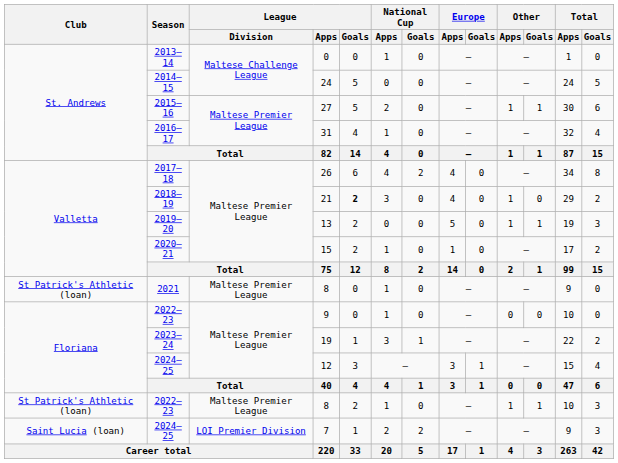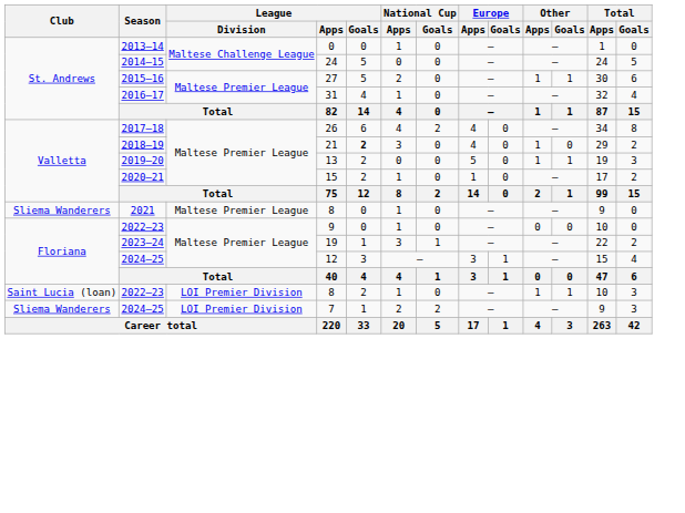 <table class="wikitable" style="text-align:center">
 <tr>
 <th rowspan="2">Club</th>
 <th rowspan="2">Season</th>
 <th colspan="3">League</th>
 <th colspan="2">National Cup</th>
 <th colspan="2"><a href='#'>Europe</a></th>
 <th colspan="2">Other</th>
 <th colspan="2">Total</th>
 </tr>
 <tr>
 <th>Division</th>
 <th>Apps</th>
 <th>Goals</th>
 <th>Apps</th>
 <th>Goals</th>
 <th>Apps</th>
 <th>Goals</th>
 <th>Apps</th>
 <th>Goals</th>
 <th>Apps</th>
 <th>Goals</th>
 </tr>
 <tr>
 <td rowspan="5"><a href='#'>St. Andrews</a></td>
 <td><a href='#'>2013–14</a></td>
 <td rowspan="2"><a href='#'>Maltese Challenge League</a></td>
 <td>0</td>
 <td>0</td>
 <td>1</td>
 <td>0</td>
 <td colspan="2">—</td>
 <td colspan="2">—</td>
 <td>1</td>
 <td>0</td>
 </tr>
 <tr>
 <td><a href='#'>2014–15</a></td>
 <td>24</td>
 <td>5</td>
 <td>0</td>
 <td>0</td>
 <td colspan="2">—</td>
 <td colspan="2">—</td>
 <td>24</td>
 <td>5</td>
 </tr>
 <tr>
 <td><a href='#'>2015–16</a></td>
 <td rowspan="2"><a href='#'>Maltese Premier League</a></td>
 <td>27</td>
 <td>5</td>
 <td>2</td>
 <td>0</td>
 <td colspan="2">—</td>
 <td>1</td>
 <td>1</td>
 <td>30</td>
 <td>6</td>
 </tr>
 <tr>
 <td><a href='#'>2016–17</a></td>
 <td>31</td>
 <td>4</td>
 <td>1</td>
 <td>0</td>
 <td colspan="2">—</td>
 <td colspan="2">—</td>
 <td>32</td>
 <td>4</td>
 </tr>
 <tr>
 <th colspan="2">Total</th>
 <th>82</th>
 <th>14</th>
 <th>4</th>
 <th>0</th>
 <th colspan="2">—</th>
 <th>1</th>
 <th>1</th>
 <th>87</th>
 <th>15</th>
 </tr>
 <tr>
 <td rowspan="5"><a href='#'>Valletta</a></td>
 <td><a href='#'>2017–18</a></td>
 <td rowspan="4">Maltese Premier League</td>
 <td>26</td>
 <td>6</td>
 <td>4</td>
 <td>2</td>
 <td>4</td>
 <td>0</td>
 <td colspan="2">—</td>
 <td>34</td>
 <td>8</td>
 </tr>
 <tr>
 <td><a href='#'>2018–19</a></td>
 <td>21</td>
 <td><strong>2</strong></td>
 <td>3</td>
 <td>0</td>
 <td>4</td>
 <td>0</td>
 <td>1</td>
 <td>0</td>
 <td>29</td>
 <td>2</td>
 </tr>
 <tr>
 <td><a href='#'>2019–20</a></td>
 <td>13</td>
 <td>2</td>
 <td>0</td>
 <td>0</td>
 <td>5</td>
 <td>0</td>
 <td>1</td>
 <td>1</td>
 <td>19</td>
 <td>3</td>
 </tr>
 <tr>
 <td><a href='#'>2020–21</a></td>
 <td>15</td>
 <td>2</td>
 <td>1</td>
 <td>0</td>
 <td>1</td>
 <td>0</td>
 <td colspan="2">—</td>
 <td>17</td>
 <td>2</td>
 </tr>
 <tr>
 <th colspan="2">Total</th>
 <th>75</th>
 <th>12</th>
 <th>8</th>
 <th>2</th>
 <th>14</th>
 <th>0</th>
 <th>2</th>
 <th>1</th>
 <th>99</th>
 <th>15</th>
 </tr>
 <tr>
-<td><a href='#'>St Patrick's Athletic</a> (loan)</td>
+<td><a href='#'>Sliema Wanderers</a></td>
 <td><a href='#'>2021</a></td>
 <td>Maltese Premier League</td>
 <td>8</td>
 <td>0</td>
 <td>1</td>
 <td>0</td>
 <td colspan="2">—</td>
 <td colspan="2">—</td>
 <td>9</td>
 <td>0</td>
 </tr>
 <tr>
 <td rowspan="4"><a href='#'>Floriana</a></td>
 <td><a href='#'>2022–23</a></td>
 <td rowspan="3">Maltese Premier League</td>
 <td>9</td>
 <td>0</td>
 <td>1</td>
 <td>0</td>
 <td colspan="2">—</td>
 <td>0</td>
 <td>0</td>
 <td>10</td>
 <td>0</td>
 </tr>
 <tr>
 <td><a href='#'>2023–24</a></td>
 <td>19</td>
 <td>1</td>
 <td>3</td>
 <td>1</td>
 <td colspan="2">—</td>
 <td colspan="2">—</td>
 <td>22</td>
 <td>2</td>
 </tr>
 <tr>
 <td><a href='#'>2024–25</a></td>
 <td>12</td>
 <td>3</td>
 <td colspan="2">–</td>
 <td>3</td>
 <td>1</td>
 <td colspan="2">—</td>
 <td>15</td>
 <td>4</td>
 </tr>
 <tr>
 <th colspan="2">Total</th>
 <th>40</th>
 <th>4</th>
 <th>4</th>
 <th>1</th>
 <th>3</th>
 <th>1</th>
 <th>0</th>
 <th>0</th>
 <th>47</th>
 <th>6</th>
 </tr>
 <tr>
-<td><a href='#'>St Patrick's Athletic</a> (loan)</td>
+<td><a href='#'>Saint Lucia</a> (loan)</td>
 <td><a href='#'>2022–23</a></td>
-<td>Maltese Premier League</td>
+<td><a href='#'>LOI Premier Division</a></td>
 <td>8</td>
 <td>2</td>
 <td>1</td>
 <td>0</td>
 <td colspan="2">–</td>
 <td>1</td>
 <td>1</td>
 <td>10</td>
 <td>3</td>
 </tr>
 <tr>
-<td><a href='#'>Saint Lucia</a> (loan)</td>
+<td><a href='#'>Sliema Wanderers</a></td>
 <td><a href='#'>2024–25</a></td>
 <td><a href='#'>LOI Premier Division</a></td>
 <td>7</td>
 <td>1</td>
 <td>2</td>
 <td>2</td>
 <td colspan="2">–</td>
 <td colspan="2">—</td>
 <td>9</td>
 <td>3</td>
 </tr>
 <tr>
 <th colspan="3">Career total</th>
 <th>220</th>
 <th>33</th>
 <th>20</th>
 <th>5</th>
 <th>17</th>
 <th>1</th>
 <th>4</th>
 <th>3</th>
 <th>263</th>
 <th>42</th>
 </tr>
 </table>
